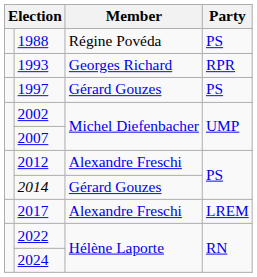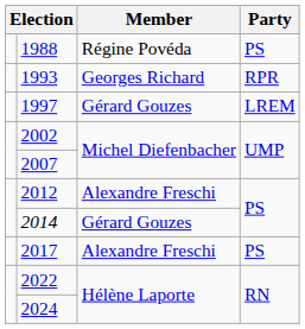 <table class="wikitable">
 <tr>
 <th colspan=2>Election</th>
 <th>Member</th>
 <th>Party</th>
 </tr>
 <tr>
 <td style="background-color: "></td>
 <td><a href='#'>1988</a></td>
 <td>Régine Povéda</td>
 <td><a href='#'>PS</a></td>
 </tr>
 <tr>
 <td style="background-color: "></td>
 <td><a href='#'>1993</a></td>
 <td><a href='#'>Georges Richard</a></td>
 <td><a href='#'>RPR</a></td>
 </tr>
 <tr>
 <td style="background-color: "></td>
 <td><a href='#'>1997</a></td>
 <td><a href='#'>Gérard Gouzes</a></td>
-<td><a href='#'>PS</a></td>
+<td><a href='#'>LREM</a></td>
 </tr>
 <tr>
 <td rowspan="2" style="background-color: "></td>
 <td><a href='#'>2002</a></td>
 <td rowspan="2"><a href='#'>Michel Diefenbacher</a></td>
 <td rowspan="2"><a href='#'>UMP</a></td>
 </tr>
 <tr>
 <td><a href='#'>2007</a></td>
 </tr>
 <tr>
 <td rowspan="2" style="background-color: "></td>
 <td><a href='#'>2012</a></td>
 <td><a href='#'>Alexandre Freschi</a></td>
 <td rowspan="2"><a href='#'>PS</a></td>
 </tr>
 <tr>
 <td><em>2014</em></td>
 <td><a href='#'>Gérard Gouzes</a></td>
 </tr>
 <tr>
 <td style="background-color: "></td>
 <td><a href='#'>2017</a></td>
 <td><a href='#'>Alexandre Freschi</a></td>
-<td><a href='#'>LREM</a></td>
+<td><a href='#'>PS</a></td>
 </tr>
 <tr>
 <td rowspan="2" style="background-color: "></td>
 <td><a href='#'>2022</a></td>
 <td rowspan="2"><a href='#'>Hélène Laporte</a></td>
 <td rowspan="2"><a href='#'>RN</a></td>
 </tr>
 <tr>
 <td><a href='#'>2024</a></td>
 </tr>
 </table>
